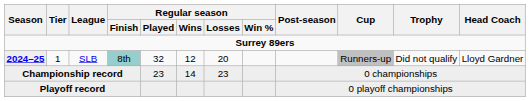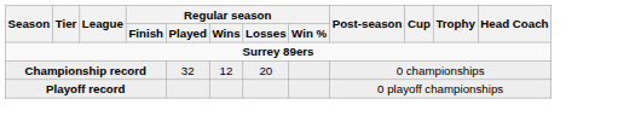 <table class="wikitable" style="font-size:95%; text-align:center">
 <tr>
 <th rowspan=2>Season</th>
 <th rowspan=2>Tier</th>
 <th rowspan=2>League</th>
 <th colspan=5>Regular season</th>
 <th rowspan=2>Post-season</th>
 <th rowspan=2>Cup</th>
 <th rowspan=2>Trophy</th>
 <th rowspan=2>Head Coach</th>
 </tr>
 <tr>
 <th>Finish</th>
 <th>Played</th>
 <th>Wins</th>
 <th>Losses</th>
 <th>Win %</th>
 </tr>
 <tr>
 <td colspan="12" align="center"><strong>Surrey 89ers</strong></td>
 </tr>
 <tr>
-<th style="background:#eee;"><a href='#'>2024–25</a></th>
-<td style="text-align:center;">1</td>
-<td style="text-align:center;"><a href='#'>SLB</a></td>
-<td style="text-align:center;background-color:#96CDCD;">8th</td>
-<td style="text-align:center;">32</td>
-<td style="text-align:center;">12</td>
-<td style="text-align:center;">20</td>
-<td style="text-align:center;"></td>
-<td style="text-align:center;background-color:#;"></td>
-<td style="text-align:center;background-color:silver;">Runners-up</td>
-<td style="text-align:center;">Did not qualify</td>
-<td style="text-align:center;">Lloyd Gardner</td>
-</tr>
-<tr>
 <th colspan=4 style="background:#eee;">Championship record</th>
-<td style="background:#eee;">23</td>
-<td style="background:#eee;">14</td>
-<td style="background:#eee;">23</td>
+<td style="background:#eee;">32</td>
+<td style="background:#eee;">12</td>
+<td style="background:#eee;">20</td>
 <td style="background:#eee;"></td>
 <td colspan="4" style="background:#eee;">0 championships</td>
 </tr>
 <tr>
 <th colspan=4 style="background:#eee;">Playoff record</th>
 <td style="background:#eee;"></td>
 <td style="background:#eee;"></td>
 <td style="background:#eee;"></td>
 <td style="background:#eee;"></td>
 <td colspan="4" style="background:#eee;">0 playoff championships</td>
 </tr>
 </table>
